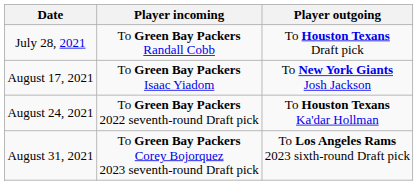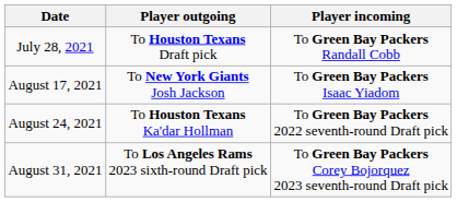 <table class="wikitable" style="text-align:center">
 <tr>
 <th>Date</th>
+<th>Player outgoing</th>
 <th>Player incoming</th>
-<th>Player outgoing</th>
 </tr>
 <tr>
 <td>July 28, <a href='#'>2021</a></td>
+<td style="vertical-align:top">To <strong><a href='#'>Houston Texans</a></strong><br>Draft pick</td>
 <td style="vertical-align:top">To <strong>Green Bay Packers</strong><br><a href='#'>Randall Cobb</a></td>
-<td style="vertical-align:top">To <strong><a href='#'>Houston Texans</a></strong><br>Draft pick</td>
 </tr>
 <tr>
 <td>August 17, 2021</td>
+<td style="vertical-align:top">To <strong><a href='#'>New York Giants</a></strong><br><a href='#'>Josh Jackson</a></td>
 <td style="vertical-align:top">To <strong>Green Bay Packers</strong><br><a href='#'>Isaac Yiadom</a></td>
-<td style="vertical-align:top">To <strong><a href='#'>New York Giants</a></strong><br><a href='#'>Josh Jackson</a></td>
 </tr>
 <tr>
 <td>August 24, 2021</td>
+<td style="vertical-align:top">To <strong>Houston Texans</strong><br><a href='#'>Ka'dar Hollman</a></td>
 <td style="vertical-align:top">To <strong>Green Bay Packers</strong><br>2022 seventh-round Draft pick</td>
-<td style="vertical-align:top">To <strong>Houston Texans</strong><br><a href='#'>Ka'dar Hollman</a></td>
 </tr>
 <tr>
 <td>August 31, 2021</td>
+<td style="vertical-align:top">To <strong>Los Angeles Rams</strong><br>2023 sixth-round Draft pick</td>
 <td style="vertical-align:top">To <strong>Green Bay Packers</strong><br><a href='#'>Corey Bojorquez</a><br>2023 seventh-round Draft pick</td>
-<td style="vertical-align:top">To <strong>Los Angeles Rams</strong><br>2023 sixth-round Draft pick</td>
 </tr>
 </table>
